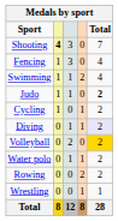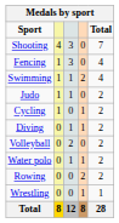 <table class="wikitable" style="font-size:85%; float:right;">
 <tr style="background:#efefef;">
 <th colspan=7>Medals by sport</th>
 </tr>
 <tr align=center>
 <td><strong>Sport</strong></td>
 <td style="background:#f7f6a8;"></td>
 <td style="background:#dce5e5;"></td>
 <td style="background:#ffdab9;"></td>
 <td><strong>Total</strong></td>
 </tr>
 <tr align=center>
 <td><a href='#'>Shooting</a></td>
-<td style="background:#f7f6a8;"><strong>4</strong></td>
+<td style="background:#f7f6a8;">4</td>
 <td style="background:#dce5e5;">3</td>
 <td style="background:#ffdab9;">0</td>
 <td>7</td>
 </tr>
 <tr align=center>
 <td><a href='#'>Fencing</a></td>
 <td style="background:#f7f6a8;">1</td>
 <td style="background:#dce5e5;">3</td>
 <td style="background:#ffdab9;">0</td>
 <td>4</td>
 </tr>
 <tr align=center>
 <td><a href='#'>Swimming</a></td>
 <td style="background:#f7f6a8;">1</td>
 <td style="background:#dce5e5;">1</td>
 <td style="background:#ffdab9;">2</td>
 <td>4</td>
 </tr>
 <tr align=center>
 <td><a href='#'>Judo</a></td>
 <td style="background:#f7f6a8;">1</td>
 <td style="background:#dce5e5;">1</td>
 <td style="background:#ffdab9;">0</td>
-<td><strong>2</strong></td>
+<td>2</td>
 </tr>
 <tr align=center>
 <td><a href='#'>Cycling</a></td>
 <td style="background:#f7f6a8;">1</td>
 <td style="background:#dce5e5;">0</td>
 <td style="background:#ffdab9;">1</td>
 <td>2</td>
 </tr>
 <tr align=center>
 <td><a href='#'>Diving</a></td>
 <td style="background:#f7f6a8;">0</td>
 <td style="background:#dce5e5;">1</td>
 <td style="background:#ffdab9;">1</td>
-<td style="background: lavender;">2</td>
+<td>2</td>
 </tr>
 <tr align=center>
 <td><a href='#'>Volleyball</a></td>
 <td style="background:#f7f6a8;">0</td>
 <td style="background:#dce5e5;">2</td>
 <td style="background:#ffdab9;">0</td>
-<td style="background: gold;">2</td>
+<td>2</td>
 </tr>
 <tr align=center>
 <td><a href='#'>Water polo</a></td>
 <td style="background:#f7f6a8;">0</td>
 <td style="background:#dce5e5;">1</td>
 <td style="background:#ffdab9;">1</td>
 <td>2</td>
 </tr>
 <tr align=center>
 <td><a href='#'>Rowing</a></td>
 <td style="background:#f7f6a8;">0</td>
 <td style="background:#dce5e5;">0</td>
 <td style="background:#ffdab9;">2</td>
 <td>2</td>
 </tr>
 <tr align=center>
 <td><a href='#'>Wrestling</a></td>
 <td style="background:#f7f6a8;">0</td>
 <td style="background:#dce5e5;">0</td>
 <td style="background:#ffdab9;">1</td>
 <td>1</td>
 </tr>
 <tr align=center>
 <th>Total</th>
 <th style="background:gold;">8</th>
 <th style="background:silver;">12</th>
 <th style="background:#c96;">8</th>
 <th>28</th>
 </tr>
 </table>
